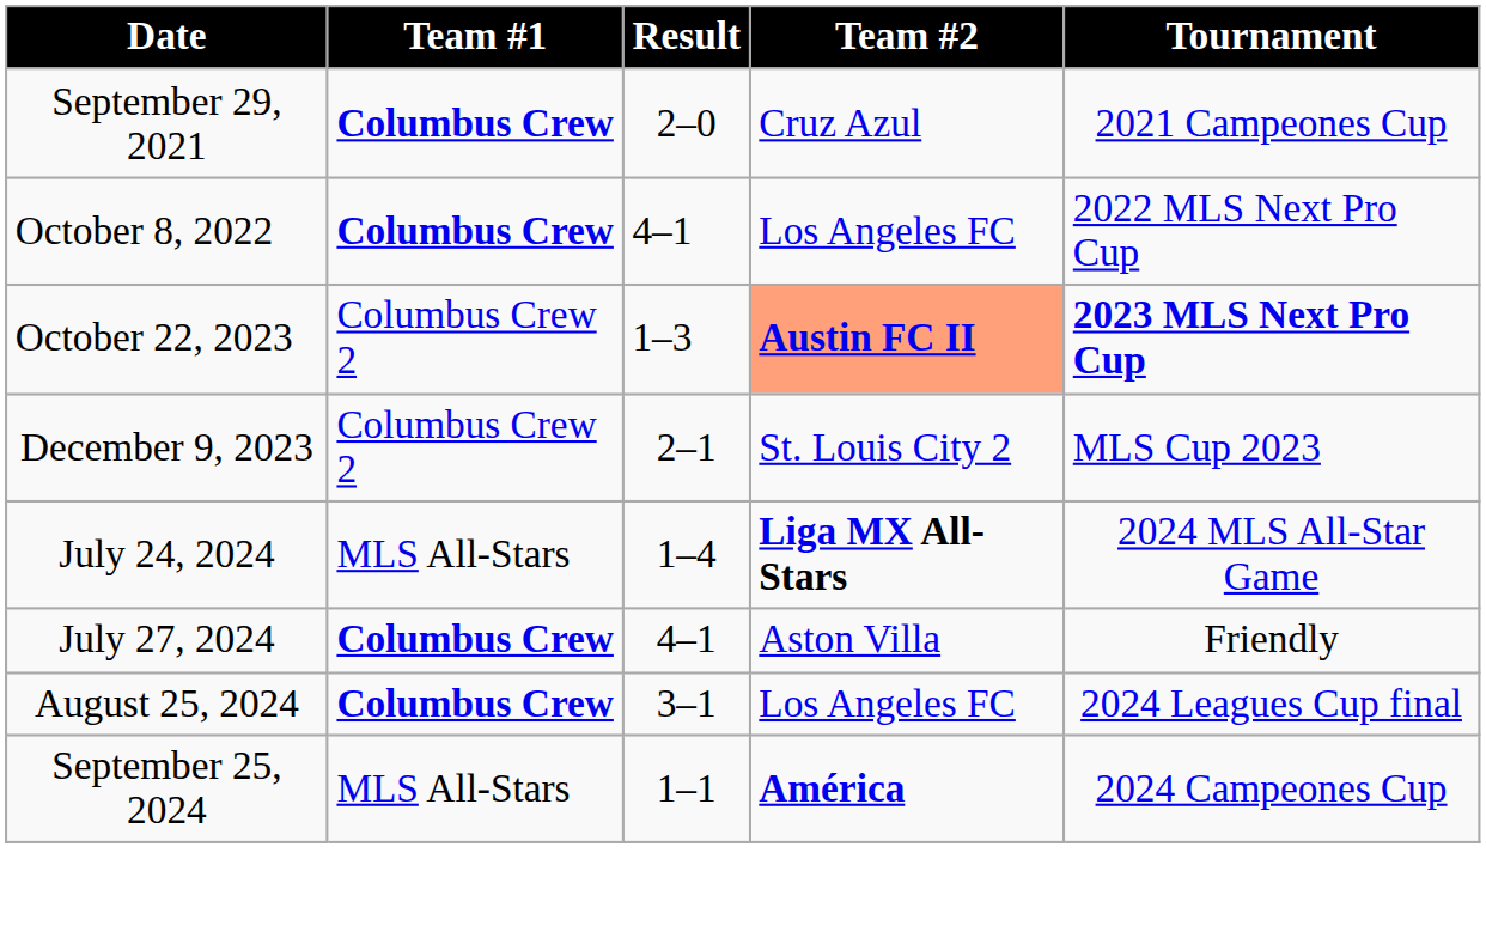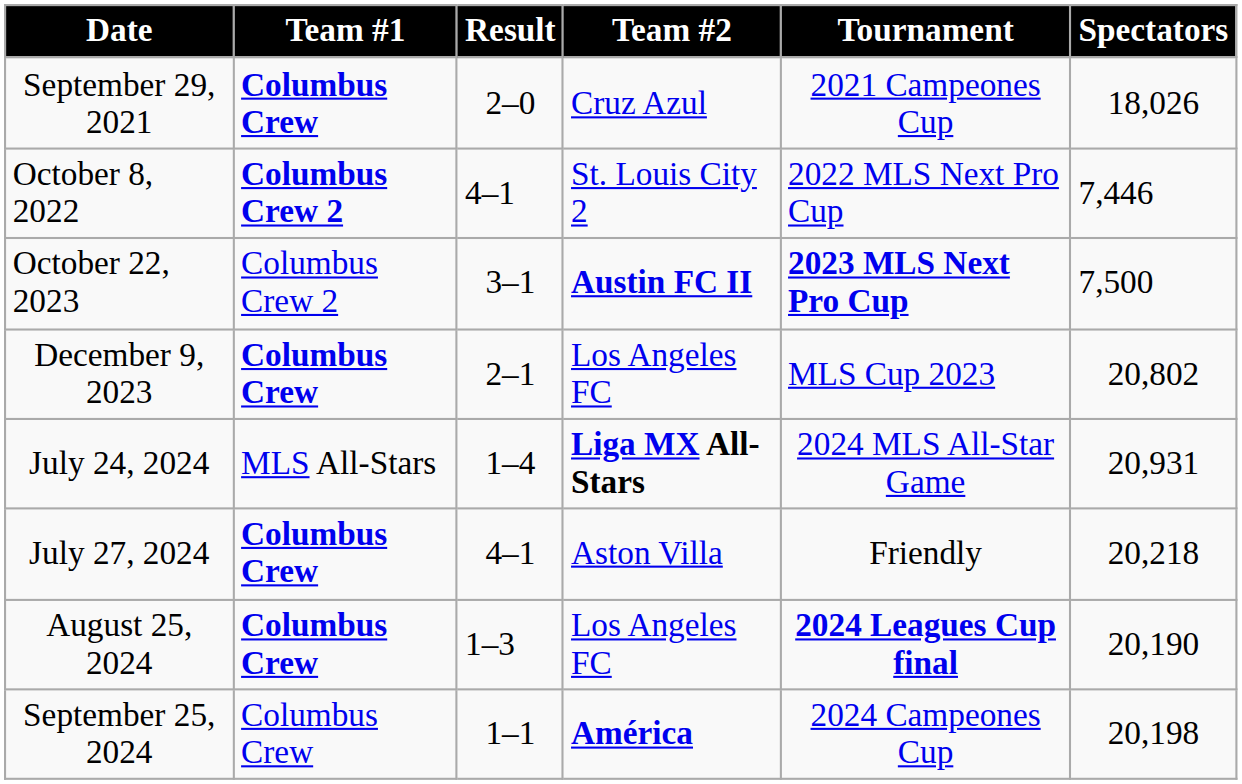 <table class="wikitable" style="text-align:left; width:95%;" style="text-align:center">
 <tr>
 <th style="text-align:center; background:#000000; color:#FFFFFF; ">Date</th>
 <th style="text-align:center; background:#000000; color:#FFFFFF; ">Team #1</th>
 <th style="text-align:center; background:#000000; color:#FFFFFF; ">Result</th>
 <th style="text-align:center; background:#000000; color:#FFFFFF; ">Team #2</th>
 <th style="text-align:center; background:#000000; color:#FFFFFF; ">Tournament</th>
+<th style="text-align:center; background:#000000; color:#FFFFFF; ">Spectators</th>
 </tr>
 <tr>
 <td style="text-align:center;">September 29, 2021</td>
 <td><strong> <a href='#'>Columbus Crew</a></strong></td>
 <td style="text-align:center;">2–0</td>
 <td> <a href='#'>Cruz Azul</a></td>
 <td style="text-align:center;"><a href='#'>2021 Campeones Cup</a></td>
+<td style="text-align:center;">18,026</td>
 </tr>
 <tr>
 <td>October 8, 2022</td>
-<td> <strong><a href='#'>Columbus Crew</a></strong></td>
+<td><strong> <a href='#'>Columbus Crew 2</a></strong></td>
 <td>4–1</td>
-<td> <a href='#'>Los Angeles FC</a></td>
+<td> <a href='#'>St. Louis City 2</a></td>
 <td><a href='#'>2022 MLS Next Pro Cup</a></td>
+<td>7,446</td>
 </tr>
 <tr>
 <td>October 22, 2023</td>
 <td><strong></strong> <a href='#'>Columbus Crew 2</a></td>
-<td>1–3</td>
-<td style="background: lightsalmon;"> <strong><a href='#'>Austin FC II</a></strong></td>
+<td style="text-align:center;">3–1</td>
+<td> <strong><a href='#'>Austin FC II</a></strong></td>
 <td><strong><a href='#'>2023 MLS Next Pro Cup</a></strong></td>
+<td>7,500</td>
 </tr>
 <tr>
 <td style="text-align:center;">December 9, 2023</td>
-<td><strong></strong> <a href='#'>Columbus Crew 2</a></td>
+<td> <strong><a href='#'>Columbus Crew</a></strong></td>
 <td style="text-align:center;">2–1</td>
-<td> <a href='#'>St. Louis City 2</a></td>
+<td> <a href='#'>Los Angeles FC</a></td>
 <td><a href='#'>MLS Cup 2023</a></td>
+<td style="text-align:center;">20,802</td>
 </tr>
 <tr>
 <td style="text-align:center;">July 24, 2024</td>
 <td> <a href='#'>MLS</a> All-Stars</td>
 <td style="text-align:center;">1–4</td>
 <td> <strong><a href='#'>Liga MX</a> All-Stars</strong></td>
 <td style="text-align:center;"><a href='#'>2024 MLS All-Star Game</a></td>
+<td style="text-align:center;">20,931</td>
 </tr>
 <tr>
 <td style="text-align:center;">July 27, 2024</td>
 <td><strong> <a href='#'>Columbus Crew</a></strong></td>
 <td style="text-align:center;">4–1</td>
 <td> <a href='#'>Aston Villa</a></td>
 <td style="text-align:center;">Friendly</td>
+<td style="text-align:center;">20,218</td>
 </tr>
 <tr>
 <td style="text-align:center;">August 25, 2024</td>
 <td><strong> <a href='#'>Columbus Crew</a></strong></td>
-<td style="text-align:center;">3–1</td>
+<td>1–3</td>
 <td> <a href='#'>Los Angeles FC</a></td>
-<td style="text-align:center;"><a href='#'>2024 Leagues Cup final</a></td>
+<td style="text-align:center;"><strong><a href='#'>2024 Leagues Cup final</a></strong></td>
+<td style="text-align:center;">20,190</td>
 </tr>
 <tr>
 <td style="text-align:center;">September 25, 2024</td>
-<td> <a href='#'>MLS</a> All-Stars</td>
+<td> <a href='#'>Columbus Crew</a></td>
 <td style="text-align:center;">1–1<br> <small></small></td>
 <td><strong> <a href='#'>América</a></strong></td>
 <td style="text-align:center;"><a href='#'>2024 Campeones Cup</a></td>
+<td style="text-align:center;">20,198</td>
 </tr>
 </table>
